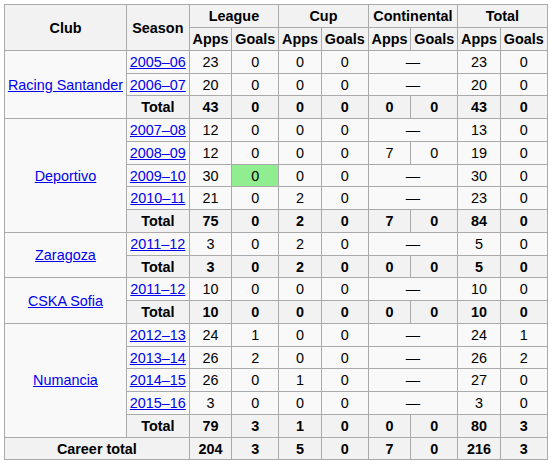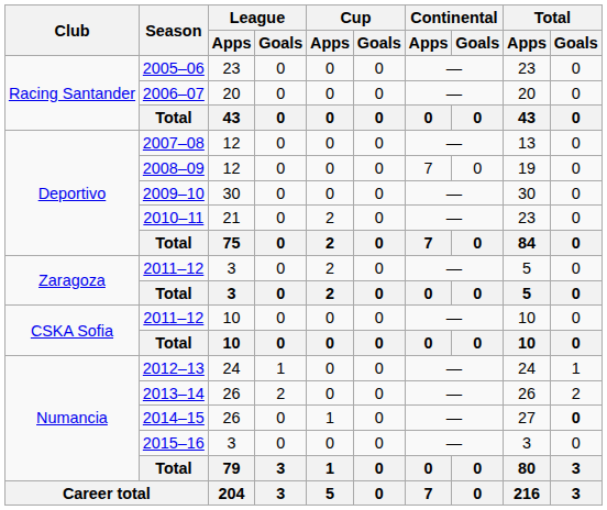 <table class="wikitable" style="font-size:90%; text-align: center">
 <tr>
 <th rowspan=2>Club</th>
 <th rowspan=2>Season</th>
 <th colspan=2>League</th>
 <th colspan=2>Cup</th>
 <th colspan=2>Continental</th>
 <th colspan=2>Total</th>
 </tr>
 <tr>
 <th>Apps</th>
 <th>Goals</th>
 <th>Apps</th>
 <th>Goals</th>
 <th>Apps</th>
 <th>Goals</th>
 <th>Apps</th>
 <th>Goals</th>
 </tr>
 <tr>
 <td rowspan=3><a href='#'>Racing Santander</a></td>
 <td><a href='#'>2005–06</a></td>
 <td>23</td>
 <td>0</td>
 <td>0</td>
 <td>0</td>
 <td colspan="2">—</td>
 <td>23</td>
 <td>0</td>
 </tr>
 <tr>
 <td><a href='#'>2006–07</a></td>
 <td>20</td>
 <td>0</td>
 <td>0</td>
 <td>0</td>
 <td colspan="2">—</td>
 <td>20</td>
 <td>0</td>
 </tr>
 <tr>
 <th colspan=1>Total</th>
 <th>43</th>
 <th>0</th>
 <th>0</th>
 <th>0</th>
 <th>0</th>
 <th>0</th>
 <th>43</th>
 <th>0</th>
 </tr>
 <tr>
 <td rowspan=5><a href='#'>Deportivo</a></td>
 <td><a href='#'>2007–08</a></td>
 <td>12</td>
 <td>0</td>
 <td>0</td>
 <td>0</td>
 <td colspan="2">—</td>
 <td>13</td>
 <td>0</td>
 </tr>
 <tr>
 <td><a href='#'>2008–09</a></td>
 <td>12</td>
 <td>0</td>
 <td>0</td>
 <td>0</td>
 <td>7</td>
 <td>0</td>
 <td>19</td>
 <td>0</td>
 </tr>
 <tr>
 <td><a href='#'>2009–10</a></td>
 <td>30</td>
-<td style="background: lightgreen;">0</td>
+<td>0</td>
 <td>0</td>
 <td>0</td>
 <td colspan="2">—</td>
 <td>30</td>
 <td>0</td>
 </tr>
 <tr>
 <td><a href='#'>2010–11</a></td>
 <td>21</td>
 <td>0</td>
 <td>2</td>
 <td>0</td>
 <td colspan="2">—</td>
 <td>23</td>
 <td>0</td>
 </tr>
 <tr>
 <th colspan=1>Total</th>
 <th>75</th>
 <th>0</th>
 <th>2</th>
 <th>0</th>
 <th>7</th>
 <th>0</th>
 <th>84</th>
 <th>0</th>
 </tr>
 <tr>
 <td rowspan=2><a href='#'>Zaragoza</a></td>
 <td><a href='#'>2011–12</a></td>
 <td>3</td>
 <td>0</td>
 <td>2</td>
 <td>0</td>
 <td colspan="2">—</td>
 <td>5</td>
 <td>0</td>
 </tr>
 <tr>
 <th colspan=1>Total</th>
 <th>3</th>
 <th>0</th>
 <th>2</th>
 <th>0</th>
 <th>0</th>
 <th>0</th>
 <th>5</th>
 <th>0</th>
 </tr>
 <tr>
 <td rowspan=2><a href='#'>CSKA Sofia</a></td>
 <td><a href='#'>2011–12</a></td>
 <td>10</td>
 <td>0</td>
 <td>0</td>
 <td>0</td>
 <td colspan="2">—</td>
 <td>10</td>
 <td>0</td>
 </tr>
 <tr>
 <th colspan=1>Total</th>
 <th>10</th>
 <th>0</th>
 <th>0</th>
 <th>0</th>
 <th>0</th>
 <th>0</th>
 <th>10</th>
 <th>0</th>
 </tr>
 <tr>
 <td rowspan=5><a href='#'>Numancia</a></td>
 <td><a href='#'>2012–13</a></td>
 <td>24</td>
 <td>1</td>
 <td>0</td>
 <td>0</td>
 <td colspan="2">—</td>
 <td>24</td>
 <td>1</td>
 </tr>
 <tr>
 <td><a href='#'>2013–14</a></td>
 <td>26</td>
 <td>2</td>
 <td>0</td>
 <td>0</td>
 <td colspan="2">—</td>
 <td>26</td>
 <td>2</td>
 </tr>
 <tr>
 <td><a href='#'>2014–15</a></td>
 <td>26</td>
 <td>0</td>
 <td>1</td>
 <td>0</td>
 <td colspan="2">—</td>
 <td>27</td>
-<td>0</td>
+<td><strong>0</strong></td>
 </tr>
 <tr>
 <td><a href='#'>2015–16</a></td>
 <td>3</td>
 <td>0</td>
 <td>0</td>
 <td>0</td>
 <td colspan="2">—</td>
 <td>3</td>
 <td>0</td>
 </tr>
 <tr>
 <th colspan=1>Total</th>
 <th>79</th>
 <th>3</th>
 <th>1</th>
 <th>0</th>
 <th>0</th>
 <th>0</th>
 <th>80</th>
 <th>3</th>
 </tr>
 <tr>
 <th colspan="2">Career total</th>
 <th>204</th>
 <th>3</th>
 <th>5</th>
 <th>0</th>
 <th>7</th>
 <th>0</th>
 <th>216</th>
 <th>3</th>
 </tr>
 </table>
